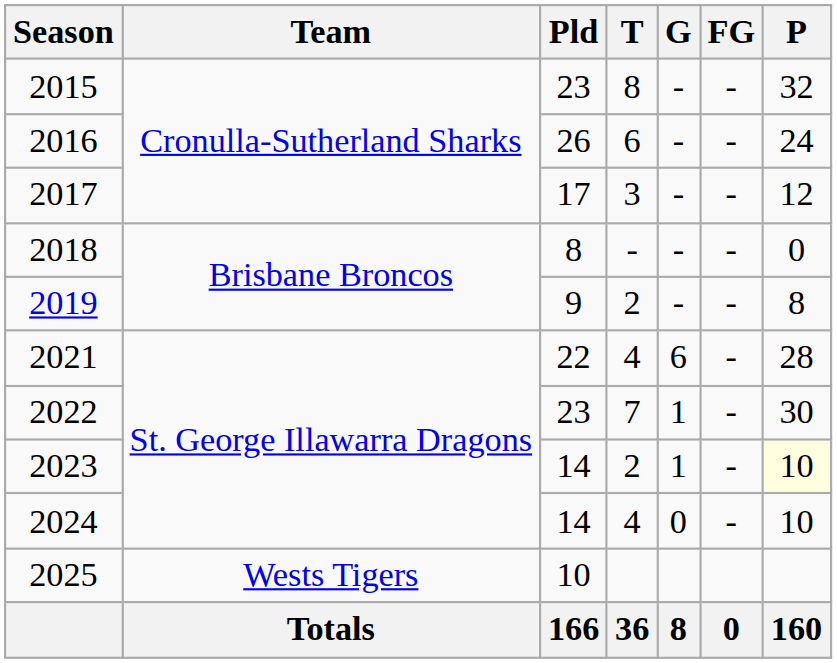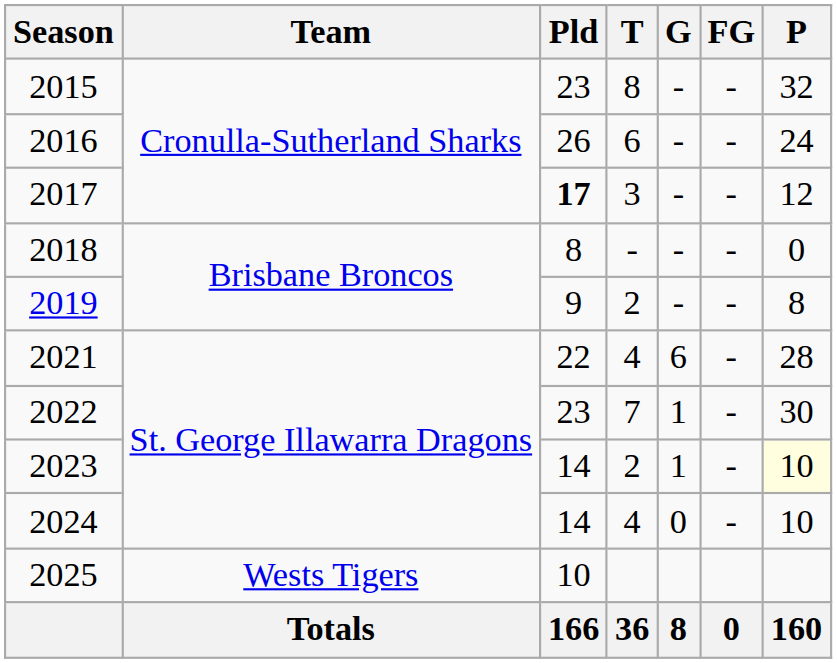 <table class="wikitable" style="border-collapse:collapse;text-align:center">
 <tr>
 <th>Season</th>
 <th>Team</th>
 <th>Pld</th>
 <th>T</th>
 <th>G</th>
 <th>FG</th>
 <th>P</th>
 </tr>
 <tr>
 <td>2015</td>
 <td rowspan="3"> <a href='#'>Cronulla-Sutherland Sharks</a></td>
 <td>23</td>
 <td>8</td>
 <td>-</td>
 <td>-</td>
 <td>32</td>
 </tr>
 <tr>
 <td>2016</td>
 <td>26</td>
 <td>6</td>
 <td>-</td>
 <td>-</td>
 <td>24</td>
 </tr>
 <tr>
 <td>2017</td>
-<td>17</td>
+<td><strong>17</strong></td>
 <td>3</td>
 <td>-</td>
 <td>-</td>
 <td>12</td>
 </tr>
 <tr>
 <td>2018</td>
 <td rowspan="2"> <a href='#'>Brisbane Broncos</a></td>
 <td>8</td>
 <td>-</td>
 <td>-</td>
 <td>-</td>
 <td>0</td>
 </tr>
 <tr>
 <td><a href='#'>2019</a></td>
 <td>9</td>
 <td>2</td>
 <td>-</td>
 <td>-</td>
 <td>8</td>
 </tr>
 <tr>
 <td>2021</td>
 <td rowspan="4"> <a href='#'>St. George Illawarra Dragons</a></td>
 <td>22</td>
 <td>4</td>
 <td>6</td>
 <td>-</td>
 <td>28</td>
 </tr>
 <tr>
 <td>2022</td>
 <td>23</td>
 <td>7</td>
 <td>1</td>
 <td>-</td>
 <td>30</td>
 </tr>
 <tr>
 <td>2023</td>
 <td>14</td>
 <td>2</td>
 <td>1</td>
 <td>-</td>
 <td style="background: lightyellow;">10</td>
 </tr>
 <tr>
 <td>2024</td>
 <td>14</td>
 <td>4</td>
 <td>0</td>
 <td>-</td>
 <td>10</td>
 </tr>
 <tr>
 <td>2025</td>
 <td> <a href='#'>Wests Tigers</a></td>
 <td>10</td>
 <td></td>
 <td></td>
 <td></td>
 <td></td>
 </tr>
 <tr>
 <th></th>
 <th>Totals</th>
 <th>166</th>
 <th>36</th>
 <th>8</th>
 <th>0</th>
 <th>160</th>
 </tr>
 </table>
